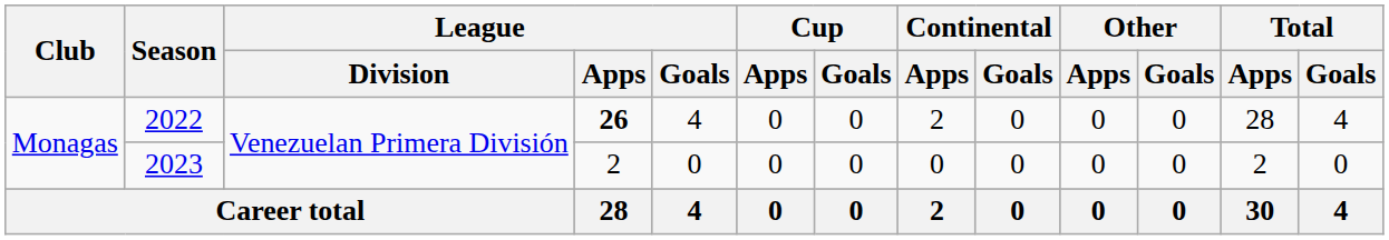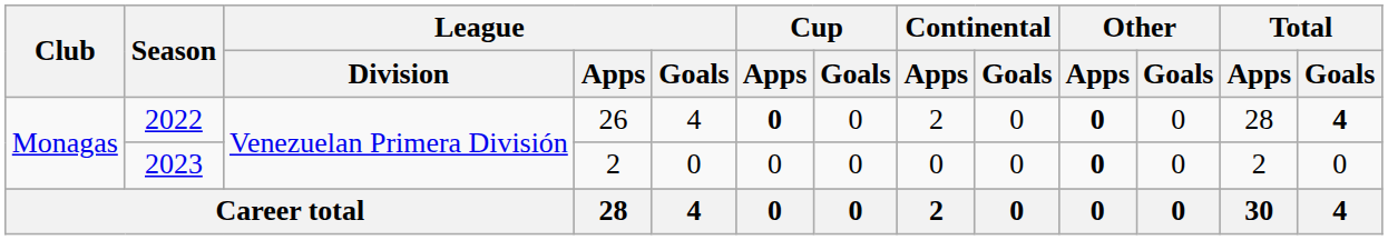 <table class=wikitable style=text-align:center>
 <tr>
 <th rowspan="2">Club</th>
 <th rowspan="2">Season</th>
 <th colspan="3">League</th>
 <th colspan="2">Cup</th>
 <th colspan="2">Continental</th>
 <th colspan="2">Other</th>
 <th colspan="2">Total</th>
 </tr>
 <tr>
 <th>Division</th>
 <th>Apps</th>
 <th>Goals</th>
 <th>Apps</th>
 <th>Goals</th>
 <th>Apps</th>
 <th>Goals</th>
 <th>Apps</th>
 <th>Goals</th>
 <th>Apps</th>
 <th>Goals</th>
 </tr>
 <tr>
 <td rowspan="2"><a href='#'>Monagas</a></td>
 <td><a href='#'>2022</a></td>
 <td rowspan="2"><a href='#'>Venezuelan Primera División</a></td>
-<td><strong>26</strong></td>
+<td>26</td>
 <td>4</td>
-<td>0</td>
+<td><strong>0</strong></td>
 <td>0</td>
 <td>2</td>
 <td>0</td>
-<td>0</td>
+<td><strong>0</strong></td>
 <td>0</td>
 <td>28</td>
-<td>4</td>
+<td><strong>4</strong></td>
 </tr>
 <tr>
 <td><a href='#'>2023</a></td>
 <td>2</td>
 <td>0</td>
 <td>0</td>
 <td>0</td>
 <td>0</td>
 <td>0</td>
-<td>0</td>
+<td><strong>0</strong></td>
 <td>0</td>
 <td>2</td>
 <td>0</td>
 </tr>
 <tr>
 <th colspan="3"><strong>Career total</strong></th>
 <th>28</th>
 <th>4</th>
 <th>0</th>
 <th>0</th>
 <th>2</th>
 <th>0</th>
 <th>0</th>
 <th>0</th>
 <th>30</th>
 <th>4</th>
 </tr>
 </table>
